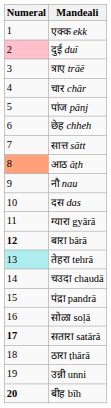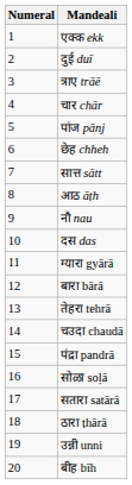 <table class="wikitable">
 <tr>
 <th>Numeral</th>
 <th>Mandeali</th>
 </tr>
 <tr>
 <td>1</td>
 <td>एक्क <em>ekk</em></td>
 </tr>
 <tr>
-<td style="background: pink;">2</td>
+<td>2</td>
 <td>दुई <em>duī</em></td>
 </tr>
 <tr>
 <td>3</td>
 <td>त्राए <em>trāē</em></td>
 </tr>
 <tr>
 <td>4</td>
 <td>चार <em>chār</em></td>
 </tr>
 <tr>
 <td>5</td>
 <td>पांज <em>pānj</em></td>
 </tr>
 <tr>
 <td>6</td>
 <td>छेह <em>chheh</em></td>
 </tr>
 <tr>
 <td>7</td>
 <td>सात्त <em>sātt</em></td>
 </tr>
 <tr>
-<td style="background: lightsalmon;">8</td>
+<td>8</td>
 <td>आठ <em>āṭh</em></td>
 </tr>
 <tr>
 <td>9</td>
 <td>नौ <em>nau</em></td>
 </tr>
 <tr>
 <td>10</td>
 <td>दस <em>das</em></td>
 </tr>
 <tr>
 <td>11</td>
 <td>ग्यारा gyārā</td>
 </tr>
 <tr>
-<td><strong>12</strong></td>
+<td>12</td>
 <td>बारा bārā</td>
 </tr>
 <tr>
-<td style="background: paleturquoise;">13</td>
+<td>13</td>
 <td>तेहरा tehrā</td>
 </tr>
 <tr>
 <td>14</td>
 <td>चउदा chaudā</td>
 </tr>
 <tr>
 <td>15</td>
 <td>पंद्रा pandrā</td>
 </tr>
 <tr>
 <td>16</td>
 <td>सोळा soḷā</td>
 </tr>
 <tr>
-<td><strong>17</strong></td>
+<td>17</td>
 <td>सतारा satārā</td>
 </tr>
 <tr>
 <td>18</td>
 <td>ठारा ṭhārā</td>
 </tr>
 <tr>
 <td>19</td>
 <td>उन्नी unni</td>
 </tr>
 <tr>
-<td><strong>20</strong></td>
+<td>20</td>
 <td>बीह bīh</td>
 </tr>
 </table>
